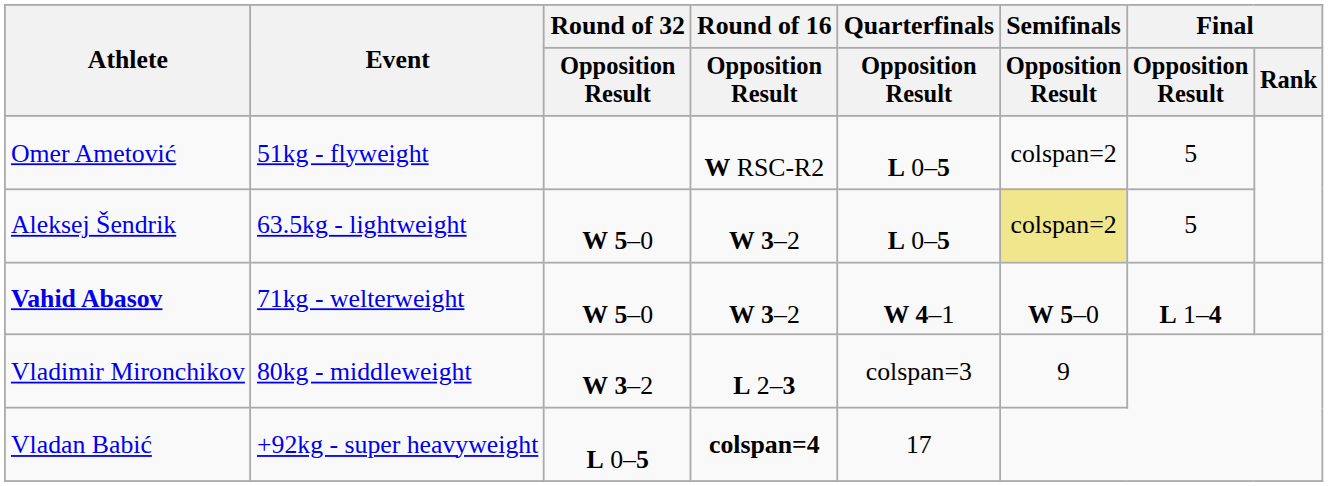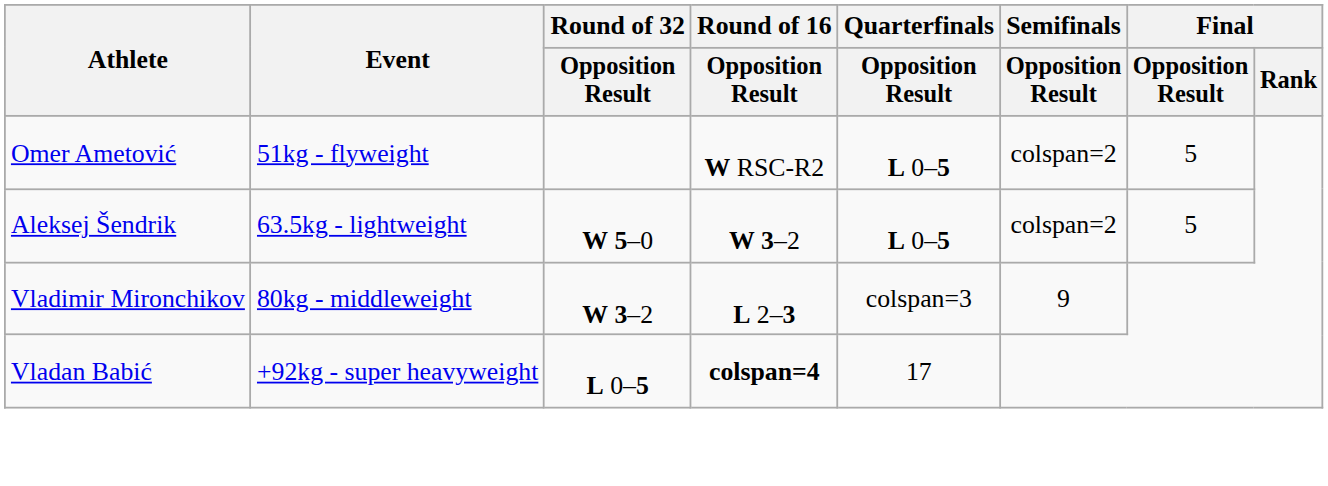 <table class="wikitable" style="font-size:90%">
 <tr>
 <th rowspan="2">Athlete</th>
 <th rowspan="2">Event</th>
 <th>Round of 32</th>
 <th>Round of 16</th>
 <th>Quarterfinals</th>
 <th>Semifinals</th>
 <th colspan=2>Final</th>
 </tr>
 <tr style="font-size:95%">
 <th>Opposition<br>Result</th>
 <th>Opposition<br>Result</th>
 <th>Opposition<br>Result</th>
 <th>Opposition<br>Result</th>
 <th>Opposition<br>Result</th>
 <th>Rank</th>
 </tr>
 <tr align=center>
 <td align=left><a href='#'>Omer Ametović</a></td>
 <td align=left><a href='#'>51kg - flyweight</a></td>
 <td></td>
 <td><br><strong>W</strong> RSC-R2</td>
 <td><br><strong>L</strong> 0–<strong>5</strong></td>
 <td>colspan=2 </td>
 <td>5</td>
 </tr>
 <tr align=center>
 <td align=left><a href='#'>Aleksej Šendrik</a></td>
 <td align=left><a href='#'>63.5kg - lightweight</a></td>
 <td><br><strong>W</strong> <strong>5</strong>–0</td>
 <td><br><strong>W</strong> <strong>3</strong>–2</td>
 <td><br><strong>L</strong> 0–<strong>5</strong></td>
-<td style="background: khaki;">colspan=2 </td>
+<td>colspan=2 </td>
 <td>5</td>
-</tr>
-<tr align=center>
-<td align=left><strong><a href='#'>Vahid Abasov</a></strong></td>
-<td align=left><a href='#'>71kg - welterweight</a></td>
-<td><br><strong>W</strong> <strong>5</strong>–0</td>
-<td><br><strong>W</strong> <strong>3</strong>–2</td>
-<td><br><strong>W</strong> <strong>4</strong>–1</td>
-<td><br><strong>W</strong> <strong>5</strong>–0</td>
-<td><br><strong>L</strong> 1–<strong>4</strong></td>
-<td></td>
 </tr>
 <tr align=center>
 <td align=left><a href='#'>Vladimir Mironchikov</a></td>
 <td align=left><a href='#'>80kg - middleweight</a></td>
 <td><br><strong>W</strong> <strong>3</strong>–2</td>
 <td><br><strong>L</strong> 2–<strong>3</strong></td>
 <td>colspan=3 </td>
 <td>9</td>
 </tr>
 <tr align=center>
 <td align=left><a href='#'>Vladan Babić</a></td>
 <td align=left><a href='#'>+92kg - super heavyweight</a></td>
 <td><br><strong>L</strong> 0–<strong>5</strong></td>
 <td><strong>colspan=4 </strong></td>
 <td>17</td>
 </tr>
 </table>
